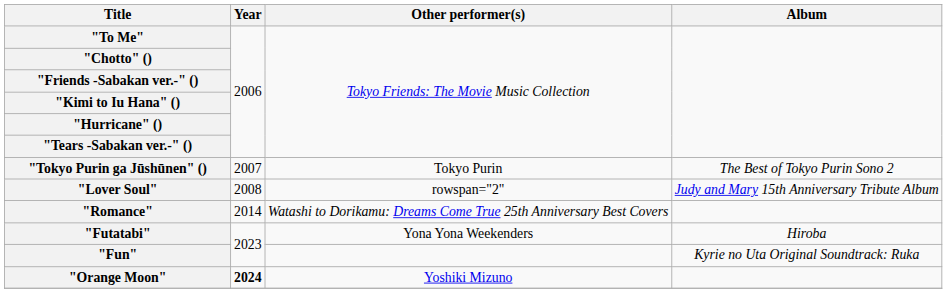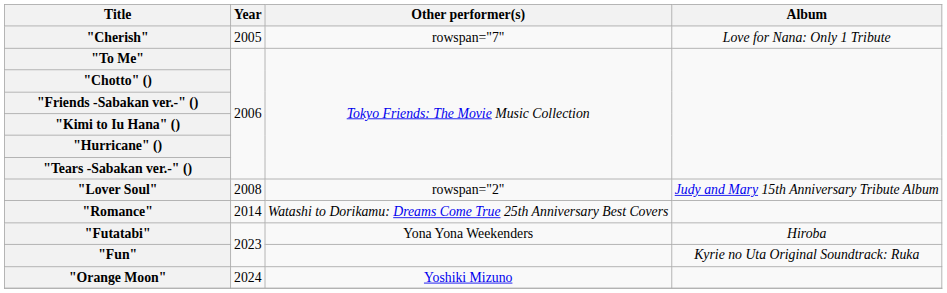 <table class="wikitable plainrowheaders" style="text-align:center;">
 <tr>
 <th scope="col" style="width:16em;">Title</th>
 <th scope="col">Year</th>
 <th scope="col">Other performer(s)</th>
 <th scope="col">Album</th>
+</tr>
+<tr>
+<th scope="row">"Cherish"</th>
+<td>2005</td>
+<td>rowspan="7" </td>
+<td><em>Love for Nana: Only 1 Tribute</em></td>
 </tr>
 <tr>
 <th scope="row">"To Me"</th>
 <td rowspan="6">2006</td>
 <td rowspan="6"><em><a href='#'>Tokyo Friends: The Movie</a> Music Collection</em></td>
 </tr>
 <tr>
 <th scope="row">"Chotto" ()</th>
 </tr>
 <tr>
 <th scope="row">"Friends -Sabakan ver.-" ()</th>
 </tr>
 <tr>
 <th scope="row">"Kimi to Iu Hana" ()</th>
 </tr>
 <tr>
 <th scope="row">"Hurricane" ()</th>
 </tr>
 <tr>
 <th scope="row">"Tears -Sabakan ver.-" ()</th>
-</tr>
-<tr>
-<th scope="row">"Tokyo Purin ga Jūshūnen" ()</th>
-<td>2007</td>
-<td>Tokyo Purin</td>
-<td><em>The Best of Tokyo Purin Sono 2</em></td>
 </tr>
 <tr>
 <th scope="row">"Lover Soul"</th>
 <td>2008</td>
 <td>rowspan="2" </td>
 <td><em><a href='#'>Judy and Mary</a> 15th Anniversary Tribute Album</em></td>
 </tr>
 <tr>
 <th scope="row">"Romance"</th>
 <td>2014</td>
 <td><em>Watashi to Dorikamu: <a href='#'>Dreams Come True</a> 25th Anniversary Best Covers</em></td>
 </tr>
 <tr>
 <th scope="row">"Futatabi"</th>
 <td rowspan="2">2023</td>
 <td>Yona Yona Weekenders</td>
 <td><em>Hiroba</em></td>
 </tr>
 <tr>
 <th scope="row">"Fun"</th>
 <td></td>
 <td><em>Kyrie no Uta Original Soundtrack: Ruka</em></td>
 </tr>
 <tr>
 <th scope="row">"Orange Moon"</th>
-<td><strong>2024</strong></td>
+<td>2024</td>
 <td><a href='#'>Yoshiki Mizuno</a></td>
 <td></td>
 </tr>
 <tr>
 </tr>
 </table>
